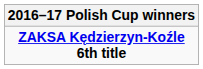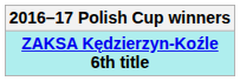 <table class=wikitable style="text-align:center; margin:auto">
 <tr>
 <th>2016–17 Polish Cup winners</th>
 </tr>
 <tr>
-<td><strong><a href='#'>ZAKSA Kędzierzyn-Koźle</a></strong><br><strong>6th title</strong></td>
+<td style="background: paleturquoise;"><strong><a href='#'>ZAKSA Kędzierzyn-Koźle</a></strong><br><strong>6th title</strong></td>
 </tr>
 </table>
